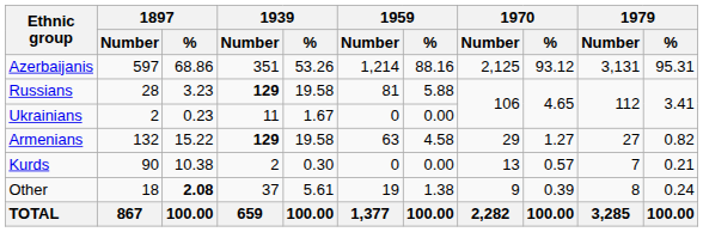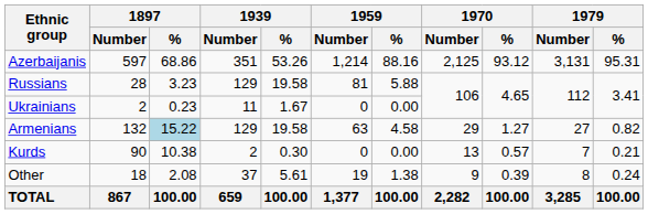 <table class="wikitable" style="text-align: right;">
 <tr style="background:#e0e0e0;">
 <th rowspan="2">Ethnic<br>group</th>
 <th colspan="2">1897</th>
 <th colspan="2">1939</th>
 <th colspan="2">1959</th>
 <th colspan="2">1970</th>
 <th colspan="2">1979</th>
 </tr>
 <tr style="background:#e0e0e0;">
 <th>Number</th>
 <th>%</th>
 <th>Number</th>
 <th>%</th>
 <th>Number</th>
 <th>%</th>
 <th>Number</th>
 <th>%</th>
 <th>Number</th>
 <th>%</th>
 </tr>
 <tr>
 <td style="text-align:left;"><a href='#'>Azerbaijanis</a></td>
 <td>597</td>
 <td>68.86</td>
 <td>351</td>
 <td>53.26</td>
 <td>1,214</td>
 <td>88.16</td>
 <td>2,125</td>
 <td>93.12</td>
 <td>3,131</td>
 <td>95.31</td>
 </tr>
 <tr>
 <td style="text-align:left;"><a href='#'>Russians</a></td>
 <td>28</td>
 <td>3.23</td>
-<td><strong>129</strong></td>
+<td>129</td>
 <td>19.58</td>
 <td>81</td>
 <td>5.88</td>
 <td rowspan="2">106</td>
 <td rowspan="2">4.65</td>
 <td rowspan="2">112</td>
 <td rowspan="2">3.41</td>
 </tr>
 <tr>
 <td style="text-align:left;"><a href='#'>Ukrainians</a></td>
 <td>2</td>
 <td>0.23</td>
 <td>11</td>
 <td>1.67</td>
 <td>0</td>
 <td>0.00</td>
 </tr>
 <tr>
 <td style="text-align:left;"><a href='#'>Armenians</a></td>
 <td>132</td>
-<td>15.22</td>
-<td><strong>129</strong></td>
+<td style="background: lightblue;">15.22</td>
+<td>129</td>
 <td>19.58</td>
 <td>63</td>
 <td>4.58</td>
 <td>29</td>
 <td>1.27</td>
 <td>27</td>
 <td>0.82</td>
 </tr>
 <tr>
 <td style="text-align:left;"><a href='#'>Kurds</a></td>
 <td>90</td>
 <td>10.38</td>
 <td>2</td>
 <td>0.30</td>
 <td>0</td>
 <td>0.00</td>
 <td>13</td>
 <td>0.57</td>
 <td>7</td>
 <td>0.21</td>
 </tr>
 <tr>
 <td style="text-align:left;">Other</td>
 <td>18</td>
-<td><strong>2.08</strong></td>
+<td>2.08</td>
 <td>37</td>
 <td>5.61</td>
 <td>19</td>
 <td>1.38</td>
 <td>9</td>
 <td>0.39</td>
 <td>8</td>
 <td>0.24</td>
 </tr>
 <tr>
 <th style="text-align:left;">TOTAL</th>
 <th>867</th>
 <th>100.00</th>
 <th>659</th>
 <th>100.00</th>
 <th>1,377</th>
 <th>100.00</th>
 <th>2,282</th>
 <th>100.00</th>
 <th>3,285</th>
 <th>100.00</th>
 </tr>
 </table>
